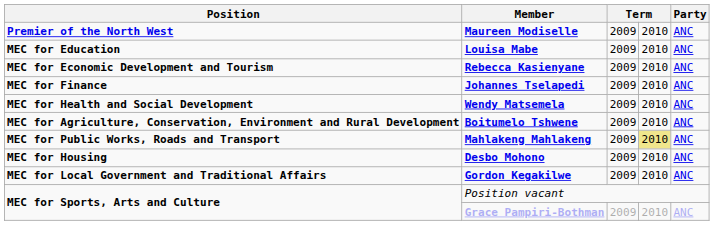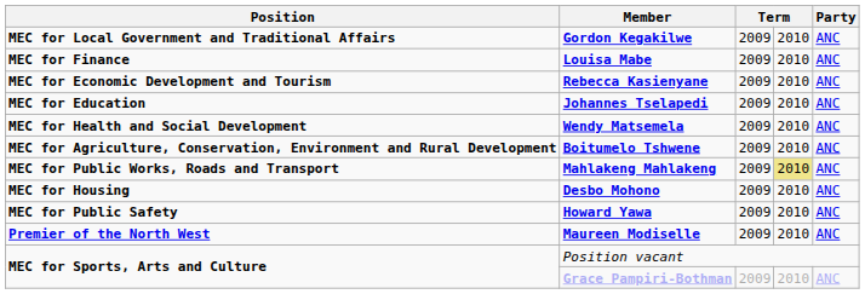 <table class="wikitable">
 <tr>
 <th>Position</th>
 <th>Member</th>
 <th colspan="2">Term</th>
 <th>Party</th>
 </tr>
 <tr>
-<td><strong><a href='#'>Premier of the North West</a></strong></td>
-<td><strong><a href='#'>Maureen Modiselle</a></strong></td>
+<td><strong>MEC for Local Government and Traditional Affairs</strong></td>
+<td><strong><a href='#'>Gordon Kegakilwe</a></strong></td>
 <td>2009</td>
 <td>2010</td>
 <td><a href='#'>ANC</a></td>
 </tr>
 <tr>
-<td><strong>MEC for Education</strong></td>
+<td><strong>MEC for Finance</strong></td>
 <td><strong><a href='#'>Louisa Mabe</a></strong></td>
 <td>2009</td>
 <td>2010</td>
 <td><a href='#'>ANC</a></td>
 </tr>
 <tr>
 <td><strong>MEC for Economic Development and Tourism</strong></td>
 <td><strong><a href='#'>Rebecca Kasienyane</a></strong></td>
 <td>2009</td>
 <td>2010</td>
 <td><a href='#'>ANC</a></td>
 </tr>
 <tr>
-<td><strong>MEC for Finance</strong></td>
+<td><strong>MEC for Education</strong></td>
 <td><strong><a href='#'>Johannes Tselapedi</a></strong></td>
 <td>2009</td>
 <td>2010</td>
 <td><a href='#'>ANC</a></td>
 </tr>
 <tr>
 <td><strong>MEC for Health and Social Development</strong></td>
 <td><strong><a href='#'>Wendy Matsemela</a></strong></td>
 <td>2009</td>
 <td>2010</td>
 <td><a href='#'>ANC</a></td>
 </tr>
 <tr>
 <td><strong>MEC for Agriculture, Conservation, Environment and Rural Development</strong></td>
 <td><strong><a href='#'>Boitumelo Tshwene</a></strong></td>
 <td>2009</td>
 <td>2010</td>
 <td><a href='#'>ANC</a></td>
 </tr>
 <tr>
 <td><strong>MEC for Public Works, Roads and Transport</strong></td>
 <td><strong><a href='#'>Mahlakeng Mahlakeng</a></strong></td>
 <td>2009</td>
 <td style="background: khaki;">2010</td>
 <td><a href='#'>ANC</a></td>
 </tr>
 <tr>
 <td><strong>MEC for Housing</strong></td>
 <td><strong><a href='#'>Desbo Mohono</a></strong></td>
 <td>2009</td>
 <td>2010</td>
 <td><a href='#'>ANC</a></td>
 </tr>
 <tr>
-<td><strong>MEC for Local Government and Traditional Affairs</strong></td>
-<td><strong><a href='#'>Gordon Kegakilwe</a></strong></td>
+<td><strong>MEC for Public Safety</strong></td>
+<td><strong><a href='#'>Howard Yawa</a></strong></td>
+<td>2009</td>
+<td>2010</td>
+<td><a href='#'>ANC</a></td>
+</tr>
+<tr>
+<td><strong><a href='#'>Premier of the North West</a></strong></td>
+<td><strong><a href='#'>Maureen Modiselle</a></strong></td>
 <td>2009</td>
 <td>2010</td>
 <td><a href='#'>ANC</a></td>
 </tr>
 <tr>
 <td rowspan="2"><strong>MEC for Sports, Arts and Culture</strong></td>
 <td colspan="4"><em>Position vacant</em></td>
 </tr>
 <tr style="opacity:.3;">
 <td><strong><a href='#'>Grace Pampiri-Bothman</a></strong></td>
 <td>2009</td>
 <td>2010</td>
 <td><a href='#'>ANC</a></td>
 </tr>
 </table>
